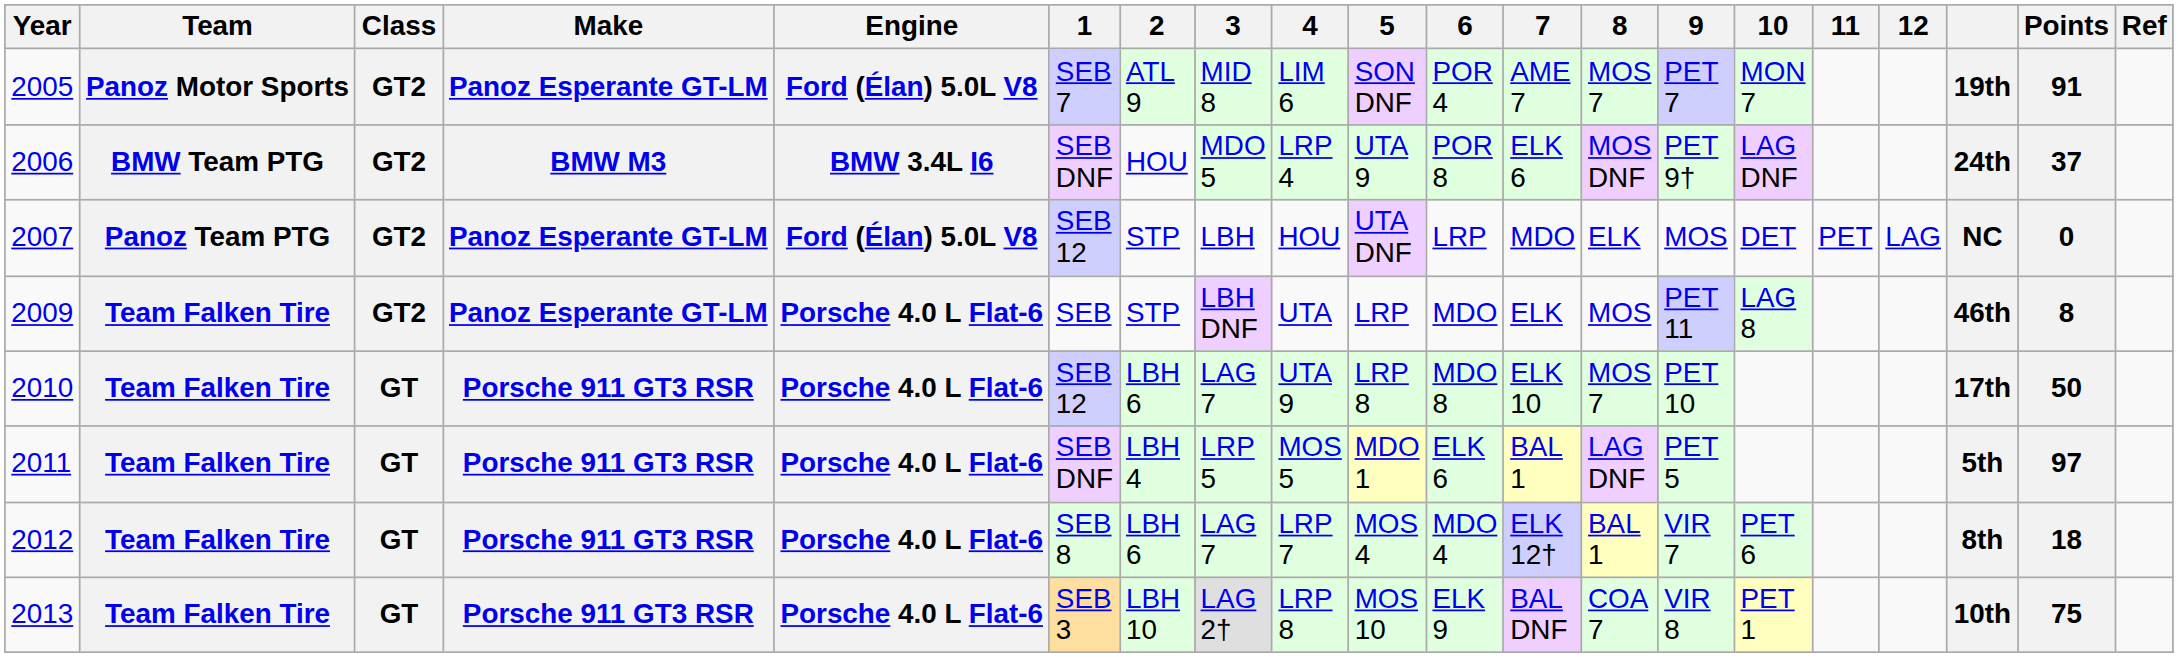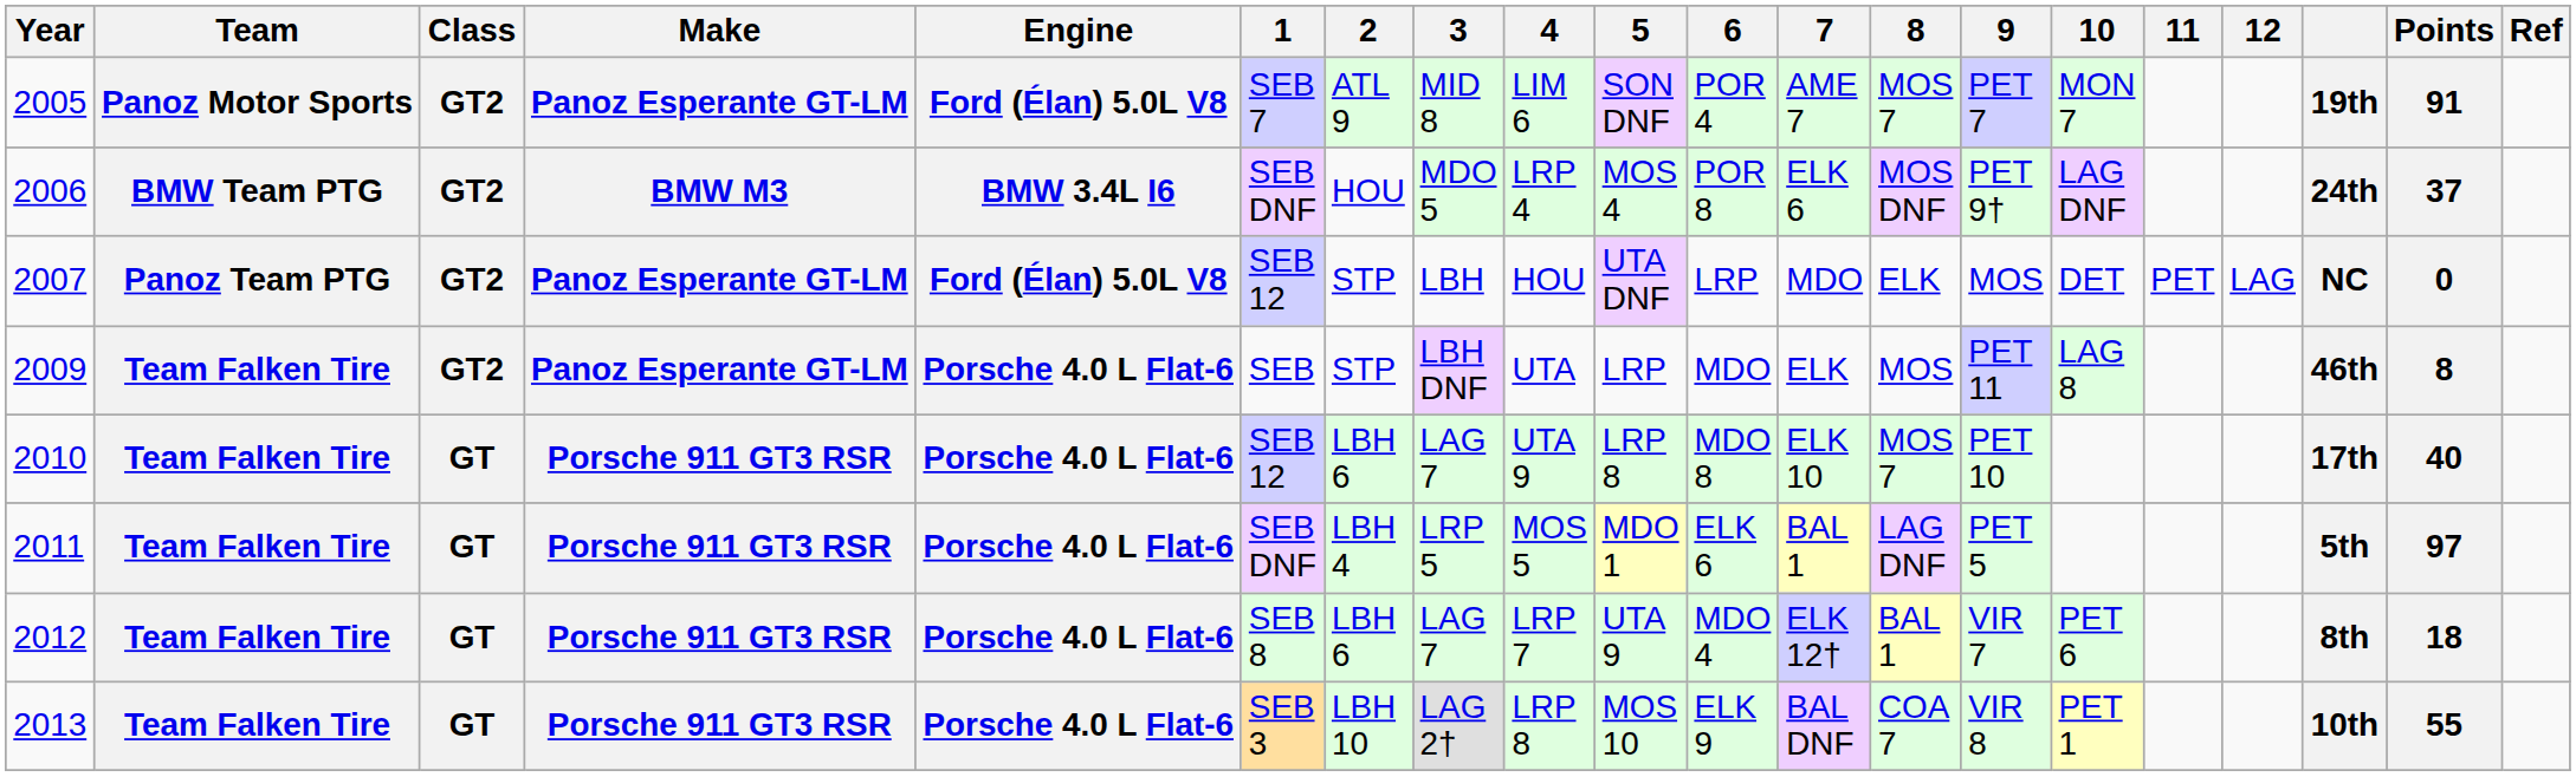 <table class="wikitable">
 <tr>
 <th>Year</th>
 <th>Team</th>
 <th>Class</th>
 <th>Make</th>
 <th>Engine</th>
 <th>1</th>
 <th>2</th>
 <th>3</th>
 <th>4</th>
 <th>5</th>
 <th>6</th>
 <th>7</th>
 <th>8</th>
 <th>9</th>
 <th>10</th>
 <th>11</th>
 <th>12</th>
 <th></th>
 <th>Points</th>
 <th>Ref</th>
 </tr>
 <tr>
 <td><a href='#'>2005</a></td>
 <th><a href='#'>Panoz</a> Motor Sports</th>
 <th>GT2</th>
 <th><a href='#'>Panoz Esperante GT-LM</a></th>
 <th><a href='#'>Ford</a> (<a href='#'>Élan</a>) 5.0L <a href='#'>V8</a></th>
 <td style="background:#CFCFFF;”"><a href='#'>SEB</a><br>7</td>
 <td style="background:#DFFFDF;"><a href='#'>ATL</a><br>9</td>
 <td style="background:#DFFFDF;"><a href='#'>MID</a><br>8</td>
 <td style="background:#DFFFDF;"><a href='#'>LIM</a><br>6</td>
 <td style="background:#EFCFFF;"><a href='#'>SON</a><br>DNF</td>
 <td style="background:#DFFFDF;"><a href='#'>POR</a><br>4</td>
 <td style="background:#DFFFDF;"><a href='#'>AME</a><br>7</td>
 <td style="background:#DFFFDF;"><a href='#'>MOS</a><br>7</td>
 <td style="background:#CFCFFF;”"><a href='#'>PET</a><br>7</td>
 <td style="background:#DFFFDF;"><a href='#'>MON</a><br>7</td>
 <td></td>
 <td></td>
 <th>19th</th>
 <th>91</th>
 <td></td>
 </tr>
 <tr>
 <td><a href='#'>2006</a></td>
 <th><a href='#'>BMW</a> Team PTG</th>
 <th>GT2</th>
 <th><a href='#'>BMW M3</a></th>
 <th><a href='#'>BMW</a> 3.4L <a href='#'>I6</a></th>
 <td style="background:#EFCFFF;"><a href='#'>SEB</a><br>DNF</td>
 <td><a href='#'>HOU</a></td>
 <td style="background:#DFFFDF;"><a href='#'>MDO</a><br>5</td>
 <td style="background:#DFFFDF;"><a href='#'>LRP</a><br>4</td>
-<td style="background:#DFFFDF;"><a href='#'>UTA</a><br>9</td>
+<td style="background:#DFFFDF;"><a href='#'>MOS</a><br>4</td>
 <td style="background:#DFFFDF;"><a href='#'>POR</a><br>8</td>
 <td style="background:#DFFFDF;"><a href='#'>ELK</a><br>6</td>
 <td style="background:#EFCFFF;"><a href='#'>MOS</a><br>DNF</td>
 <td style="background:#DFFFDF;"><a href='#'>PET</a><br>9†</td>
 <td style="background:#EFCFFF;"><a href='#'>LAG</a><br>DNF</td>
 <td></td>
 <td></td>
 <th>24th</th>
 <th>37</th>
 <td></td>
 </tr>
 <tr>
 <td><a href='#'>2007</a></td>
 <th><a href='#'>Panoz</a> Team PTG</th>
 <th>GT2</th>
 <th><a href='#'>Panoz Esperante GT-LM</a></th>
 <th><a href='#'>Ford</a> (<a href='#'>Élan</a>) 5.0L <a href='#'>V8</a></th>
 <td style="background:#CFCFFF;”"><a href='#'>SEB</a><br>12</td>
 <td><a href='#'>STP</a></td>
 <td><a href='#'>LBH</a></td>
 <td><a href='#'>HOU</a></td>
 <td style="background:#EFCFFF;"><a href='#'>UTA</a><br>DNF</td>
 <td><a href='#'>LRP</a></td>
 <td><a href='#'>MDO</a></td>
 <td><a href='#'>ELK</a></td>
 <td><a href='#'>MOS</a></td>
 <td><a href='#'>DET</a></td>
 <td><a href='#'>PET</a></td>
 <td><a href='#'>LAG</a></td>
 <th>NC</th>
 <th>0</th>
 <td></td>
 </tr>
 <tr>
 <td><a href='#'>2009</a></td>
 <th><a href='#'>Team Falken Tire</a></th>
 <th>GT2</th>
 <th><a href='#'>Panoz Esperante GT-LM</a></th>
 <th><a href='#'>Porsche</a> 4.0 L <a href='#'>Flat-6</a></th>
 <td><a href='#'>SEB</a></td>
 <td><a href='#'>STP</a></td>
 <td style="background:#EFCFFF;"><a href='#'>LBH</a><br>DNF</td>
 <td><a href='#'>UTA</a></td>
 <td><a href='#'>LRP</a></td>
 <td><a href='#'>MDO</a></td>
 <td><a href='#'>ELK</a></td>
 <td><a href='#'>MOS</a></td>
 <td style="background:#CFCFFF;”"><a href='#'>PET</a><br>11</td>
 <td style="background:#DFFFDF;"><a href='#'>LAG</a><br>8</td>
 <td></td>
 <td></td>
 <th>46th</th>
 <th>8</th>
 <td></td>
 </tr>
 <tr>
 <td><a href='#'>2010</a></td>
 <th><a href='#'>Team Falken Tire</a></th>
 <th>GT</th>
 <th><a href='#'>Porsche 911 GT3 RSR</a></th>
 <th><a href='#'>Porsche</a> 4.0 L <a href='#'>Flat-6</a></th>
 <td style="background:#CFCFFF;”"><a href='#'>SEB</a><br>12</td>
 <td style="background:#DFFFDF;"><a href='#'>LBH</a><br>6</td>
 <td style="background:#DFFFDF;"><a href='#'>LAG</a><br>7</td>
 <td style="background:#DFFFDF;"><a href='#'>UTA</a><br>9</td>
 <td style="background:#DFFFDF;"><a href='#'>LRP</a><br>8</td>
 <td style="background:#DFFFDF;"><a href='#'>MDO</a><br>8</td>
 <td style="background:#DFFFDF;"><a href='#'>ELK</a><br>10</td>
 <td style="background:#DFFFDF;"><a href='#'>MOS</a><br>7</td>
 <td style="background:#DFFFDF;"><a href='#'>PET</a><br>10</td>
 <td></td>
 <td></td>
 <td></td>
 <th>17th</th>
-<th>50</th>
+<th>40</th>
 <td></td>
 </tr>
 <tr>
 <td><a href='#'>2011</a></td>
 <th><a href='#'>Team Falken Tire</a></th>
 <th>GT</th>
 <th><a href='#'>Porsche 911 GT3 RSR</a></th>
 <th><a href='#'>Porsche</a> 4.0 L <a href='#'>Flat-6</a></th>
 <td style="background:#EFCFFF;"><a href='#'>SEB</a><br>DNF</td>
 <td style="background:#DFFFDF;"><a href='#'>LBH</a><br>4</td>
 <td style="background:#DFFFDF;"><a href='#'>LRP</a><br>5</td>
 <td style="background:#DFFFDF;"><a href='#'>MOS</a><br>5</td>
 <td style="background:#FFFFBF;”"><a href='#'>MDO</a><br>1</td>
 <td style="background:#DFFFDF;"><a href='#'>ELK</a><br>6</td>
 <td style="background:#FFFFBF;”"><a href='#'>BAL</a><br>1</td>
 <td style="background:#EFCFFF;"><a href='#'>LAG</a><br>DNF</td>
 <td style="background:#DFFFDF;"><a href='#'>PET</a><br>5</td>
 <td></td>
 <td></td>
 <td></td>
 <th>5th</th>
 <th>97</th>
 <td></td>
 </tr>
 <tr>
 <td><a href='#'>2012</a></td>
 <th><a href='#'>Team Falken Tire</a></th>
 <th>GT</th>
 <th><a href='#'>Porsche 911 GT3 RSR</a></th>
 <th><a href='#'>Porsche</a> 4.0 L <a href='#'>Flat-6</a></th>
 <td style="background:#DFFFDF;"><a href='#'>SEB</a><br>8</td>
 <td style="background:#DFFFDF;"><a href='#'>LBH</a><br>6</td>
 <td style="background:#DFFFDF;"><a href='#'>LAG</a><br>7</td>
 <td style="background:#DFFFDF;"><a href='#'>LRP</a><br>7</td>
-<td style="background:#DFFFDF;"><a href='#'>MOS</a><br>4</td>
+<td style="background:#DFFFDF;"><a href='#'>UTA</a><br>9</td>
 <td style="background:#DFFFDF;"><a href='#'>MDO</a><br>4</td>
 <td style="background:#CFCFFF;”"><a href='#'>ELK</a><br>12†</td>
 <td style="background:#FFFFBF;”"><a href='#'>BAL</a><br>1</td>
 <td style="background:#DFFFDF;"><a href='#'>VIR</a><br>7</td>
 <td style="background:#DFFFDF;"><a href='#'>PET</a><br>6</td>
 <td></td>
 <td></td>
 <th>8th</th>
 <th>18</th>
 <td></td>
 </tr>
 <tr>
 <td><a href='#'>2013</a></td>
 <th><a href='#'>Team Falken Tire</a></th>
 <th>GT</th>
 <th><a href='#'>Porsche 911 GT3 RSR</a></th>
 <th><a href='#'>Porsche</a> 4.0 L <a href='#'>Flat-6</a></th>
 <td style="background:#FFDF9F;”"><a href='#'>SEB</a><br>3</td>
 <td style="background:#DFFFDF;"><a href='#'>LBH</a><br>10</td>
 <td style="background:#DFDFDF;”"><a href='#'>LAG</a><br>2†</td>
 <td style="background:#DFFFDF;"><a href='#'>LRP</a><br>8</td>
 <td style="background:#DFFFDF;"><a href='#'>MOS</a><br>10</td>
 <td style="background:#DFFFDF;"><a href='#'>ELK</a><br>9</td>
 <td style="background:#EFCFFF;"><a href='#'>BAL</a><br>DNF</td>
 <td style="background:#DFFFDF;"><a href='#'>COA</a><br>7</td>
 <td style="background:#DFFFDF;"><a href='#'>VIR</a><br>8</td>
 <td style="background:#FFFFBF;”"><a href='#'>PET</a><br>1</td>
 <td></td>
 <td></td>
 <th>10th</th>
-<th>75</th>
+<th>55</th>
 <td></td>
 </tr>
 </table>
